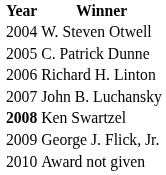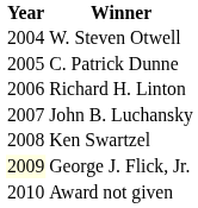 <table>
 <tr>
 <th>Year</th>
 <th>Winner</th>
 </tr>
 <tr>
 <td>2004</td>
 <td>W. Steven Otwell</td>
 </tr>
 <tr>
 <td>2005</td>
 <td>C. Patrick Dunne</td>
 </tr>
 <tr>
 <td>2006</td>
 <td>Richard H. Linton</td>
 </tr>
 <tr>
 <td>2007</td>
 <td>John B. Luchansky</td>
 </tr>
 <tr>
-<td><strong>2008</strong></td>
+<td>2008</td>
 <td>Ken Swartzel</td>
 </tr>
 <tr>
-<td>2009</td>
+<td style="background: lightyellow;">2009</td>
 <td>George J. Flick, Jr.</td>
 </tr>
 <tr>
 <td>2010</td>
 <td>Award not given</td>
 </tr>
 </table>
